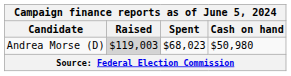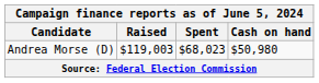 <table class="wikitable sortable">
 <tr>
 <th colspan=4>Campaign finance reports as of June 5, 2024</th>
 </tr>
 <tr style="text-align:center;">
 <th>Candidate</th>
 <th>Raised</th>
 <th>Spent</th>
 <th>Cash on hand</th>
 </tr>
 <tr>
 <td>Andrea Morse (D)</td>
-<td style="background: lightgrey;">$119,003</td>
+<td>$119,003</td>
 <td>$68,023</td>
 <td>$50,980</td>
 </tr>
 <tr>
 <th colspan="4"><small>Source: <a href='#'>Federal Election Commission</a></small></th>
 </tr>
 </table>
